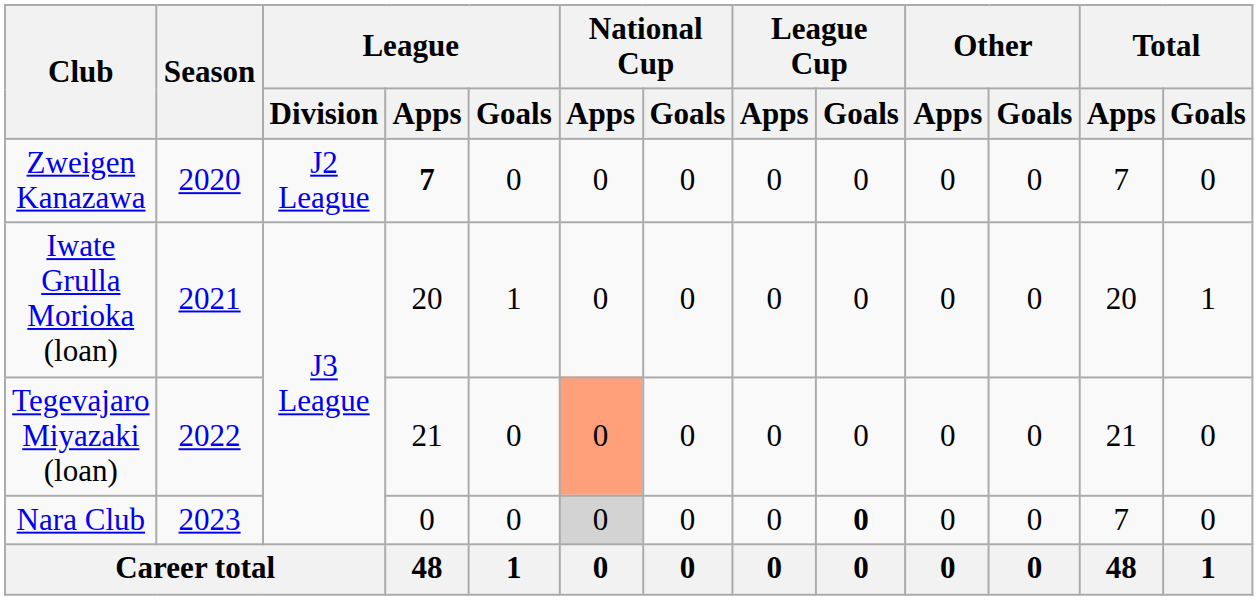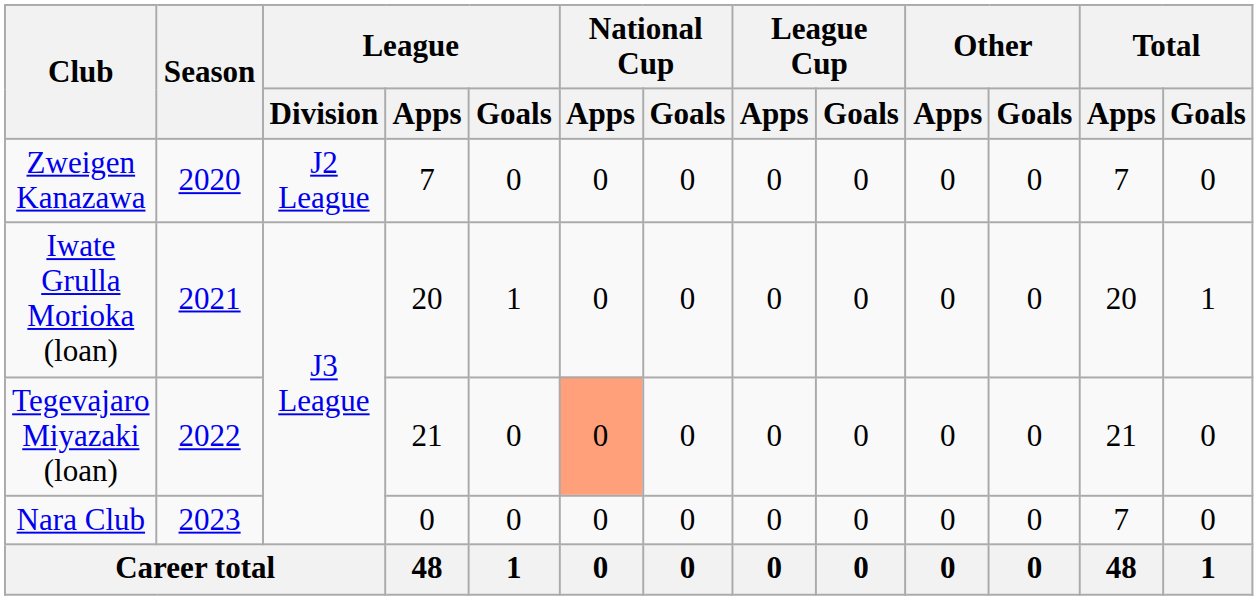 <table class="wikitable" style="text-align: center">
 <tr>
 <th rowspan="2">Club</th>
 <th rowspan="2">Season</th>
 <th colspan="3">League</th>
 <th colspan="2">National Cup</th>
 <th colspan="2">League Cup</th>
 <th colspan="2">Other</th>
 <th colspan="2">Total</th>
 </tr>
 <tr>
 <th>Division</th>
 <th>Apps</th>
 <th>Goals</th>
 <th>Apps</th>
 <th>Goals</th>
 <th>Apps</th>
 <th>Goals</th>
 <th>Apps</th>
 <th>Goals</th>
 <th>Apps</th>
 <th>Goals</th>
 </tr>
 <tr>
 <td><a href='#'>Zweigen Kanazawa</a></td>
 <td><a href='#'>2020</a></td>
 <td><a href='#'>J2 League</a></td>
-<td><strong>7</strong></td>
+<td>7</td>
 <td>0</td>
 <td>0</td>
 <td>0</td>
 <td>0</td>
 <td>0</td>
 <td>0</td>
 <td>0</td>
 <td>7</td>
 <td>0</td>
 </tr>
 <tr>
 <td><a href='#'>Iwate Grulla Morioka</a> (loan)</td>
 <td><a href='#'>2021</a></td>
 <td rowspan=3><a href='#'>J3 League</a></td>
 <td>20</td>
 <td>1</td>
 <td>0</td>
 <td>0</td>
 <td>0</td>
 <td>0</td>
 <td>0</td>
 <td>0</td>
 <td>20</td>
 <td>1</td>
 </tr>
 <tr>
 <td><a href='#'>Tegevajaro Miyazaki</a> (loan)</td>
 <td><a href='#'>2022</a></td>
 <td>21</td>
 <td>0</td>
 <td style="background: lightsalmon;">0</td>
 <td>0</td>
 <td>0</td>
 <td>0</td>
 <td>0</td>
 <td>0</td>
 <td>21</td>
 <td>0</td>
 </tr>
 <tr>
 <td><a href='#'>Nara Club</a></td>
 <td><a href='#'>2023</a></td>
 <td>0</td>
 <td>0</td>
-<td style="background: lightgrey;">0</td>
 <td>0</td>
 <td>0</td>
-<td><strong>0</strong></td>
+<td>0</td>
+<td>0</td>
 <td>0</td>
 <td>0</td>
 <td>7</td>
 <td>0</td>
 </tr>
 <tr>
 <th colspan=3>Career total</th>
 <th>48</th>
 <th>1</th>
 <th>0</th>
 <th>0</th>
 <th>0</th>
 <th>0</th>
 <th>0</th>
 <th>0</th>
 <th>48</th>
 <th>1</th>
 </tr>
 </table>
